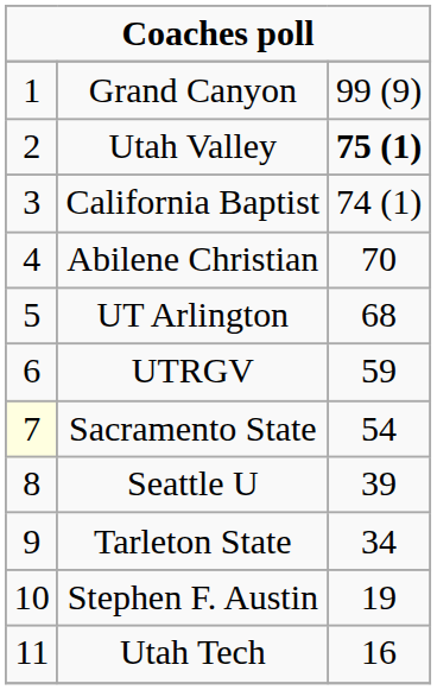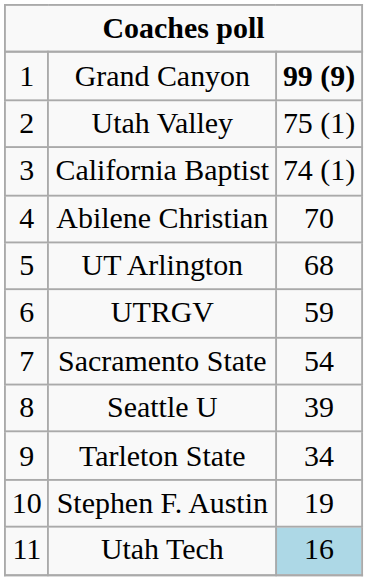 <table class="wikitable">
 <tr align="center">
 <td align="center" Colspan="3"><strong>Coaches poll</strong></td>
 </tr>
 <tr align="center">
 </tr>
 <tr align="center">
 <td>1</td>
 <td>Grand Canyon</td>
-<td>99 (9)</td>
+<td><strong>99 (9)</strong></td>
 </tr>
 <tr align="center">
 <td>2</td>
 <td>Utah Valley</td>
-<td><strong>75 (1)</strong></td>
+<td>75 (1)</td>
 </tr>
 <tr align="center">
 <td>3</td>
 <td>California Baptist</td>
 <td>74 (1)</td>
 </tr>
 <tr align="center">
 <td>4</td>
 <td>Abilene Christian</td>
 <td>70</td>
 </tr>
 <tr align="center">
 <td>5</td>
 <td>UT Arlington</td>
 <td>68</td>
 </tr>
 <tr align="center">
 <td>6</td>
 <td>UTRGV</td>
 <td>59</td>
 </tr>
 <tr align="center">
-<td style="background: lightyellow;">7</td>
+<td>7</td>
 <td>Sacramento State</td>
 <td>54</td>
 </tr>
 <tr align="center">
 <td>8</td>
 <td>Seattle U</td>
 <td>39</td>
 </tr>
 <tr align="center">
 <td>9</td>
 <td>Tarleton State</td>
 <td>34</td>
 </tr>
 <tr align="center">
 <td>10</td>
 <td>Stephen F. Austin</td>
 <td>19</td>
 </tr>
 <tr align="center">
 <td>11</td>
 <td>Utah Tech</td>
-<td>16</td>
+<td style="background: lightblue;">16</td>
 </tr>
 <tr align="center">
 </tr>
 </table>
